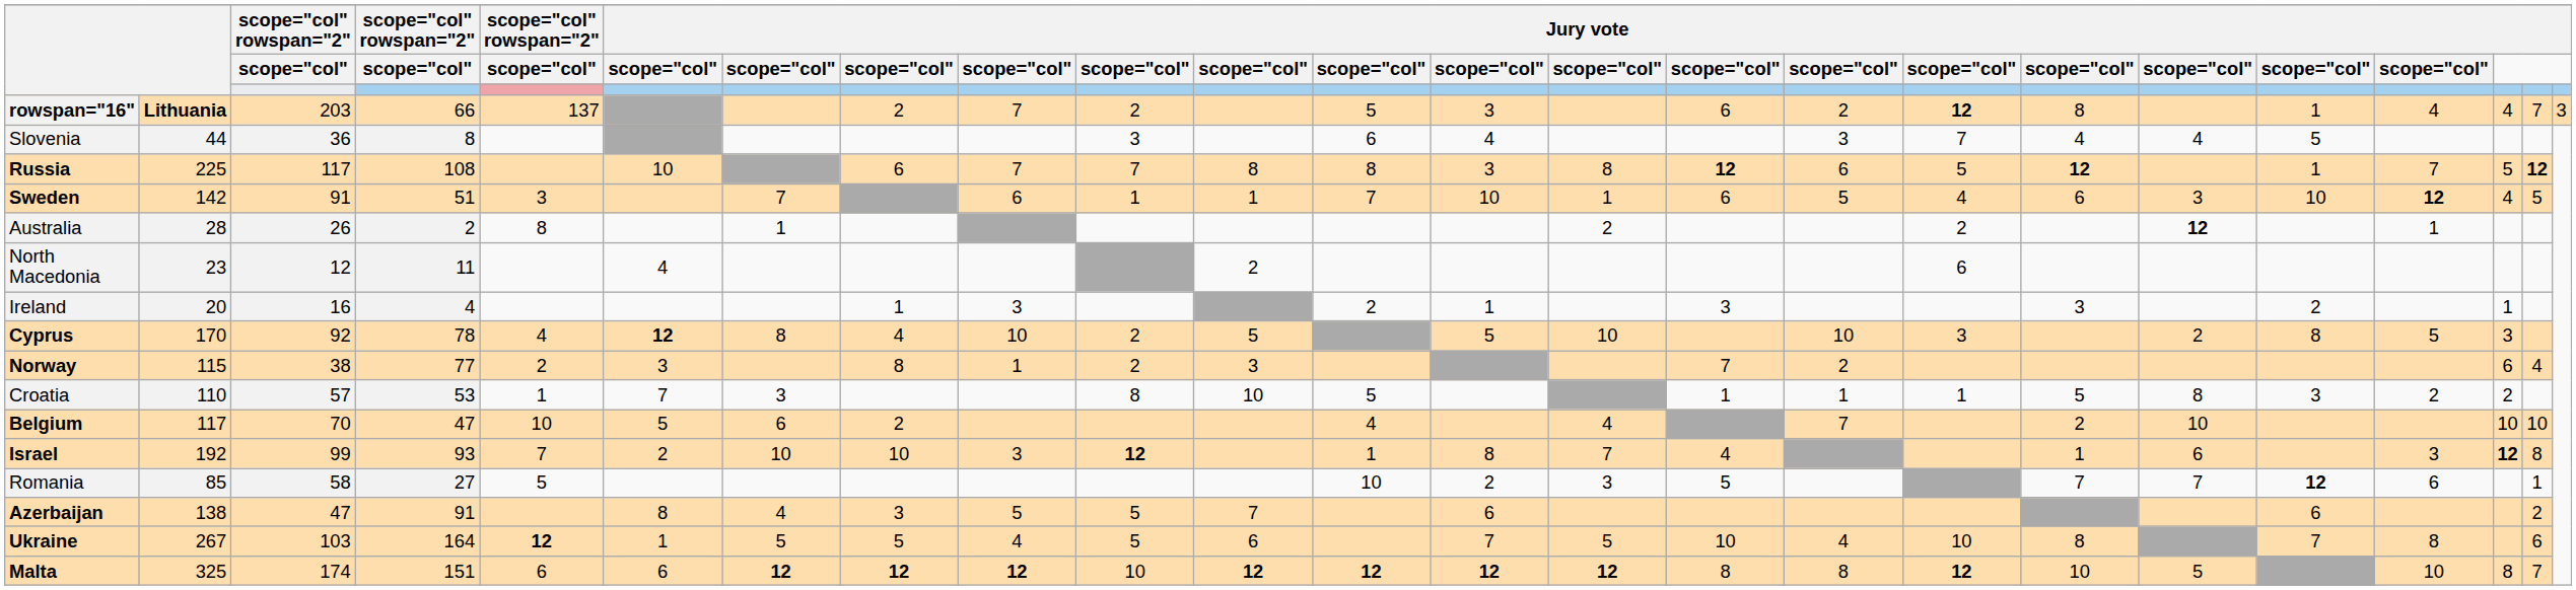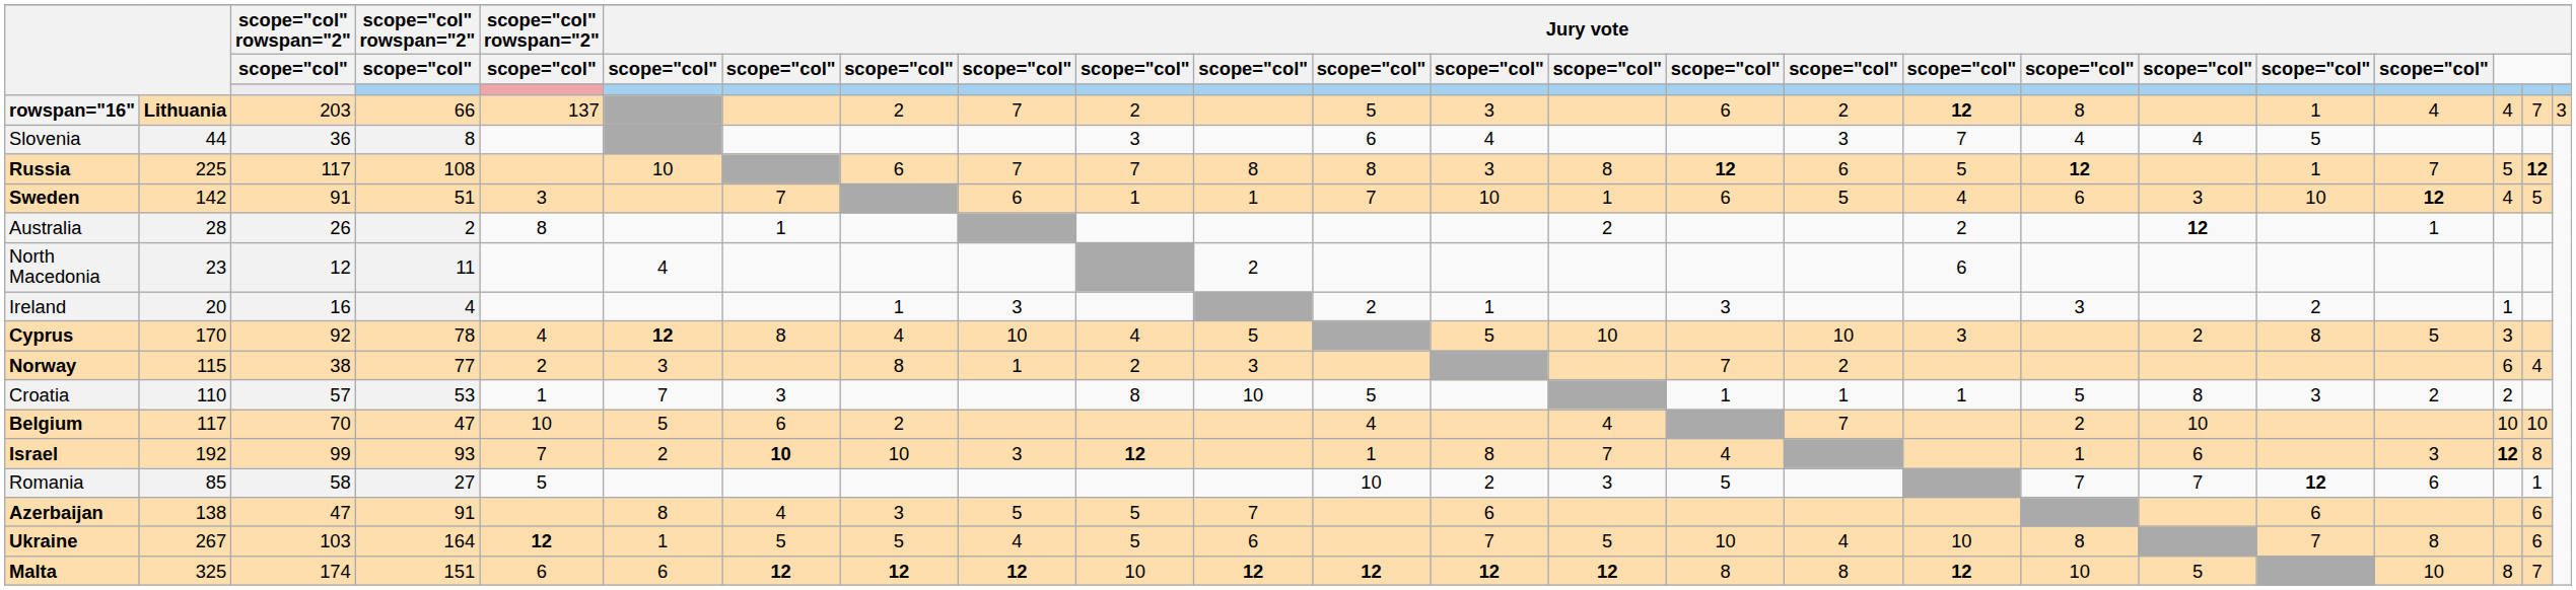 <table class="wikitable plainrowheaders" style="text-align:center; font-size:85%;">
 <tr>
 </tr>
 <tr>
 <td colspan="2" rowspan="3" style="background: #F2F2F2;"></td>
 <th>scope="col" rowspan="2" </th>
 <th>scope="col" rowspan="2" </th>
 <th>scope="col" rowspan="2" </th>
 <th scope="col" colspan="19">Jury vote</th>
 </tr>
 <tr>
 <th>scope="col" </th>
 <th>scope="col" </th>
 <th>scope="col" </th>
 <th>scope="col" </th>
 <th>scope="col" </th>
 <th>scope="col" </th>
 <th>scope="col" </th>
 <th>scope="col" </th>
 <th>scope="col" </th>
 <th>scope="col" </th>
 <th>scope="col" </th>
 <th>scope="col" </th>
 <th>scope="col" </th>
 <th>scope="col" </th>
 <th>scope="col" </th>
 <th>scope="col" </th>
 <th>scope="col" </th>
 <th>scope="col" </th>
 <th>scope="col" </th>
 </tr>
 <tr>
 <td style="height:2px; background:#eaecf0; border-top:1px solid transparent;"></td>
 <td style="background:#A4D1EF;"></td>
 <td style="background:#EFA4A9;"></td>
 <th style="background:#A4D1EF;"></th>
 <th style="background:#A4D1EF;"></th>
 <th style="background:#A4D1EF;"></th>
 <th style="background:#A4D1EF;"></th>
 <th style="background:#A4D1EF;"></th>
 <th style="background:#A4D1EF;"></th>
 <th style="background:#A4D1EF;"></th>
 <th style="background:#A4D1EF;"></th>
 <th style="background:#A4D1EF;"></th>
 <th style="background:#A4D1EF;"></th>
 <th style="background:#A4D1EF;"></th>
 <th style="background:#A4D1EF;"></th>
 <th style="background:#A4D1EF;"></th>
 <th style="background:#A4D1EF;"></th>
 <th style="background:#A4D1EF;"></th>
 <th style="background:#A4D1EF;"></th>
 <th style="background:#A4D1EF;"></th>
 <th style="background:#A4D1EF;"></th>
 <th style="background:#A4D1EF;"></th>
 </tr>
 <tr style="background:#ffdead;">
 <th>rowspan="16" </th>
 <td scope="row" style="text-align:left; font-weight:bold; background:#ffdead;">Lithuania</td>
 <td style="text-align:right;">203</td>
 <td style="text-align:right;">66</td>
 <td style="text-align:right;">137</td>
 <td style="text-align:left; background:#aaa;"></td>
 <td></td>
 <td>2</td>
 <td>7</td>
 <td>2</td>
 <td></td>
 <td>5</td>
 <td>3</td>
 <td></td>
 <td>6</td>
 <td>2</td>
 <td><strong>12</strong></td>
 <td>8</td>
 <td></td>
 <td>1</td>
 <td>4</td>
 <td>4</td>
 <td>7</td>
 <td>3</td>
 </tr>
 <tr>
 <td scope="row" style="text-align:left; background:#f2f2f2;">Slovenia</td>
 <td style="text-align:right; background:#f2f2f2;">44</td>
 <td style="text-align:right; background:#f2f2f2;">36</td>
 <td style="text-align:right; background:#f2f2f2;">8</td>
 <td></td>
 <td style="text-align:left; background:#aaa;"></td>
 <td></td>
 <td></td>
 <td></td>
 <td>3</td>
 <td></td>
 <td>6</td>
 <td>4</td>
 <td></td>
 <td></td>
 <td>3</td>
 <td>7</td>
 <td>4</td>
 <td>4</td>
 <td>5</td>
 <td></td>
 <td></td>
 <td></td>
 </tr>
 <tr style="background:#ffdead;">
 <td scope="row" style="text-align:left; font-weight:bold; background:#ffdead;">Russia</td>
 <td style="text-align:right;">225</td>
 <td style="text-align:right;">117</td>
 <td style="text-align:right;">108</td>
 <td></td>
 <td>10</td>
 <td style="text-align:left; background:#aaa;"></td>
 <td>6</td>
 <td>7</td>
 <td>7</td>
 <td>8</td>
 <td>8</td>
 <td>3</td>
 <td>8</td>
 <td><strong>12</strong></td>
 <td>6</td>
 <td>5</td>
 <td><strong>12</strong></td>
 <td></td>
 <td>1</td>
 <td>7</td>
 <td>5</td>
 <td><strong>12</strong></td>
 </tr>
 <tr style="background:#ffdead;">
 <td scope="row" style="text-align:left; font-weight:bold; background:#ffdead;">Sweden</td>
 <td style="text-align:right;">142</td>
 <td style="text-align:right;">91</td>
 <td style="text-align:right;">51</td>
 <td>3</td>
 <td></td>
 <td>7</td>
 <td style="text-align:left; background:#aaa;"></td>
 <td>6</td>
 <td>1</td>
 <td>1</td>
 <td>7</td>
 <td>10</td>
 <td>1</td>
 <td>6</td>
 <td>5</td>
 <td>4</td>
 <td>6</td>
 <td>3</td>
 <td>10</td>
 <td><strong>12</strong></td>
 <td>4</td>
 <td>5</td>
 </tr>
 <tr>
 <td scope="row" style="text-align:left; background:#f2f2f2;">Australia</td>
 <td style="text-align:right; background:#f2f2f2;">28</td>
 <td style="text-align:right; background:#f2f2f2;">26</td>
 <td style="text-align:right; background:#f2f2f2;">2</td>
 <td>8</td>
 <td></td>
 <td>1</td>
 <td></td>
 <td style="text-align:left; background:#aaa;"></td>
 <td></td>
 <td></td>
 <td></td>
 <td></td>
 <td>2</td>
 <td></td>
 <td></td>
 <td>2</td>
 <td></td>
 <td><strong>12</strong></td>
 <td></td>
 <td>1</td>
 <td></td>
 <td></td>
 </tr>
 <tr>
 <td scope="row" style="text-align:left; background:#f2f2f2;">North Macedonia</td>
 <td style="text-align:right; background:#f2f2f2;">23</td>
 <td style="text-align:right; background:#f2f2f2;">12</td>
 <td style="text-align:right; background:#f2f2f2;">11</td>
 <td></td>
 <td>4</td>
 <td></td>
 <td></td>
 <td></td>
 <td style="text-align:left; background:#aaa;"></td>
 <td>2</td>
 <td></td>
 <td></td>
 <td></td>
 <td></td>
 <td></td>
 <td>6</td>
 <td></td>
 <td></td>
 <td></td>
 <td></td>
 <td></td>
 <td></td>
 </tr>
 <tr>
 <td scope="row" style="text-align:left; background:#f2f2f2;">Ireland</td>
 <td style="text-align:right; background:#f2f2f2;">20</td>
 <td style="text-align:right; background:#f2f2f2;">16</td>
 <td style="text-align:right; background:#f2f2f2;">4</td>
 <td></td>
 <td></td>
 <td></td>
 <td>1</td>
 <td>3</td>
 <td></td>
 <td style="text-align:left; background:#aaa;"></td>
 <td>2</td>
 <td>1</td>
 <td></td>
 <td>3</td>
 <td></td>
 <td></td>
 <td>3</td>
 <td></td>
 <td>2</td>
 <td></td>
 <td>1</td>
 <td></td>
 </tr>
 <tr style="background:#ffdead;">
 <td scope="row" style="text-align:left; font-weight:bold; background:#ffdead;">Cyprus</td>
 <td style="text-align:right;">170</td>
 <td style="text-align:right;">92</td>
 <td style="text-align:right;">78</td>
 <td>4</td>
 <td><strong>12</strong></td>
 <td>8</td>
 <td>4</td>
 <td>10</td>
-<td>2</td>
+<td>4</td>
 <td>5</td>
 <td style="text-align:left; background:#aaa;"></td>
 <td>5</td>
 <td>10</td>
 <td></td>
 <td>10</td>
 <td>3</td>
 <td></td>
 <td>2</td>
 <td>8</td>
 <td>5</td>
 <td>3</td>
 <td></td>
 </tr>
 <tr style="background:#ffdead;">
 <td scope="row" style="text-align:left; font-weight:bold; background:#ffdead;">Norway</td>
 <td style="text-align:right;">115</td>
 <td style="text-align:right;">38</td>
 <td style="text-align:right;">77</td>
 <td>2</td>
 <td>3</td>
 <td></td>
 <td>8</td>
 <td>1</td>
 <td>2</td>
 <td>3</td>
 <td></td>
 <td style="text-align:left; background:#aaa;"></td>
 <td></td>
 <td>7</td>
 <td>2</td>
 <td></td>
 <td></td>
 <td></td>
 <td></td>
 <td></td>
 <td>6</td>
 <td>4</td>
 </tr>
 <tr>
 <td scope="row" style="text-align:left; background:#f2f2f2;">Croatia</td>
 <td style="text-align:right; background:#f2f2f2;">110</td>
 <td style="text-align:right; background:#f2f2f2;">57</td>
 <td style="text-align:right; background:#f2f2f2;">53</td>
 <td>1</td>
 <td>7</td>
 <td>3</td>
 <td></td>
 <td></td>
 <td>8</td>
 <td>10</td>
 <td>5</td>
 <td></td>
 <td style="text-align:left; background:#aaa;"></td>
 <td>1</td>
 <td>1</td>
 <td>1</td>
 <td>5</td>
 <td>8</td>
 <td>3</td>
 <td>2</td>
 <td>2</td>
 <td></td>
 </tr>
 <tr style="background:#ffdead;">
 <td scope="row" style="text-align:left; font-weight:bold; background:#ffdead;">Belgium</td>
 <td style="text-align:right;">117</td>
 <td style="text-align:right;">70</td>
 <td style="text-align:right;">47</td>
 <td>10</td>
 <td>5</td>
 <td>6</td>
 <td>2</td>
 <td></td>
 <td></td>
 <td></td>
 <td>4</td>
 <td></td>
 <td>4</td>
 <td style="text-align:left; background:#aaa;"></td>
 <td>7</td>
 <td></td>
 <td>2</td>
 <td>10</td>
 <td></td>
 <td></td>
 <td>10</td>
 <td>10</td>
 </tr>
 <tr style="background:#ffdead;">
 <td scope="row" style="text-align:left; font-weight:bold; background:#ffdead;">Israel</td>
 <td style="text-align:right;">192</td>
 <td style="text-align:right;">99</td>
 <td style="text-align:right;">93</td>
 <td>7</td>
 <td>2</td>
-<td>10</td>
+<td><strong>10</strong></td>
 <td>10</td>
 <td>3</td>
 <td><strong>12</strong></td>
 <td></td>
 <td>1</td>
 <td>8</td>
 <td>7</td>
 <td>4</td>
 <td style="text-align:left; background:#aaa;"></td>
 <td></td>
 <td>1</td>
 <td>6</td>
 <td></td>
 <td>3</td>
 <td><strong>12</strong></td>
 <td>8</td>
 </tr>
 <tr>
 <td scope="row" style="text-align:left; background:#f2f2f2;">Romania</td>
 <td style="text-align:right; background:#f2f2f2;">85</td>
 <td style="text-align:right; background:#f2f2f2;">58</td>
 <td style="text-align:right; background:#f2f2f2;">27</td>
 <td>5</td>
 <td></td>
 <td></td>
 <td></td>
 <td></td>
 <td></td>
 <td></td>
 <td>10</td>
 <td>2</td>
 <td>3</td>
 <td>5</td>
 <td></td>
 <td style="text-align:left; background:#aaa;"></td>
 <td>7</td>
 <td>7</td>
 <td><strong>12</strong></td>
 <td>6</td>
 <td></td>
 <td>1</td>
 </tr>
 <tr style="background:#ffdead;">
 <td scope="row" style="text-align:left; font-weight:bold; background:#ffdead;">Azerbaijan</td>
 <td style="text-align:right;">138</td>
 <td style="text-align:right;">47</td>
 <td style="text-align:right;">91</td>
 <td></td>
 <td>8</td>
 <td>4</td>
 <td>3</td>
 <td>5</td>
 <td>5</td>
 <td>7</td>
 <td></td>
 <td>6</td>
 <td></td>
 <td></td>
 <td></td>
 <td></td>
 <td style="text-align:left; background:#aaa;"></td>
 <td></td>
 <td>6</td>
 <td></td>
 <td></td>
-<td>2</td>
+<td>6</td>
 </tr>
 <tr style="background:#ffdead;">
 <td scope="row" style="text-align:left; font-weight:bold; background:#ffdead;">Ukraine</td>
 <td style="text-align:right;">267</td>
 <td style="text-align:right;">103</td>
 <td style="text-align:right;">164</td>
 <td><strong>12</strong></td>
 <td>1</td>
 <td>5</td>
 <td>5</td>
 <td>4</td>
 <td>5</td>
 <td>6</td>
 <td></td>
 <td>7</td>
 <td>5</td>
 <td>10</td>
 <td>4</td>
 <td>10</td>
 <td>8</td>
 <td style="text-align:left; background:#aaa;"></td>
 <td>7</td>
 <td>8</td>
 <td></td>
 <td>6</td>
 </tr>
 <tr style="background:#ffdead;">
 <td scope="row" style="text-align:left; font-weight:bold; background:#ffdead;">Malta</td>
 <td style="text-align:right;">325</td>
 <td style="text-align:right;">174</td>
 <td style="text-align:right;">151</td>
 <td>6</td>
 <td>6</td>
 <td><strong>12</strong></td>
 <td><strong>12</strong></td>
 <td><strong>12</strong></td>
 <td>10</td>
 <td><strong>12</strong></td>
 <td><strong>12</strong></td>
 <td><strong>12</strong></td>
 <td><strong>12</strong></td>
 <td>8</td>
 <td>8</td>
 <td><strong>12</strong></td>
 <td>10</td>
 <td>5</td>
 <td style="text-align:left; background:#aaa;"></td>
 <td>10</td>
 <td>8</td>
 <td>7</td>
 </tr>
 </table>
